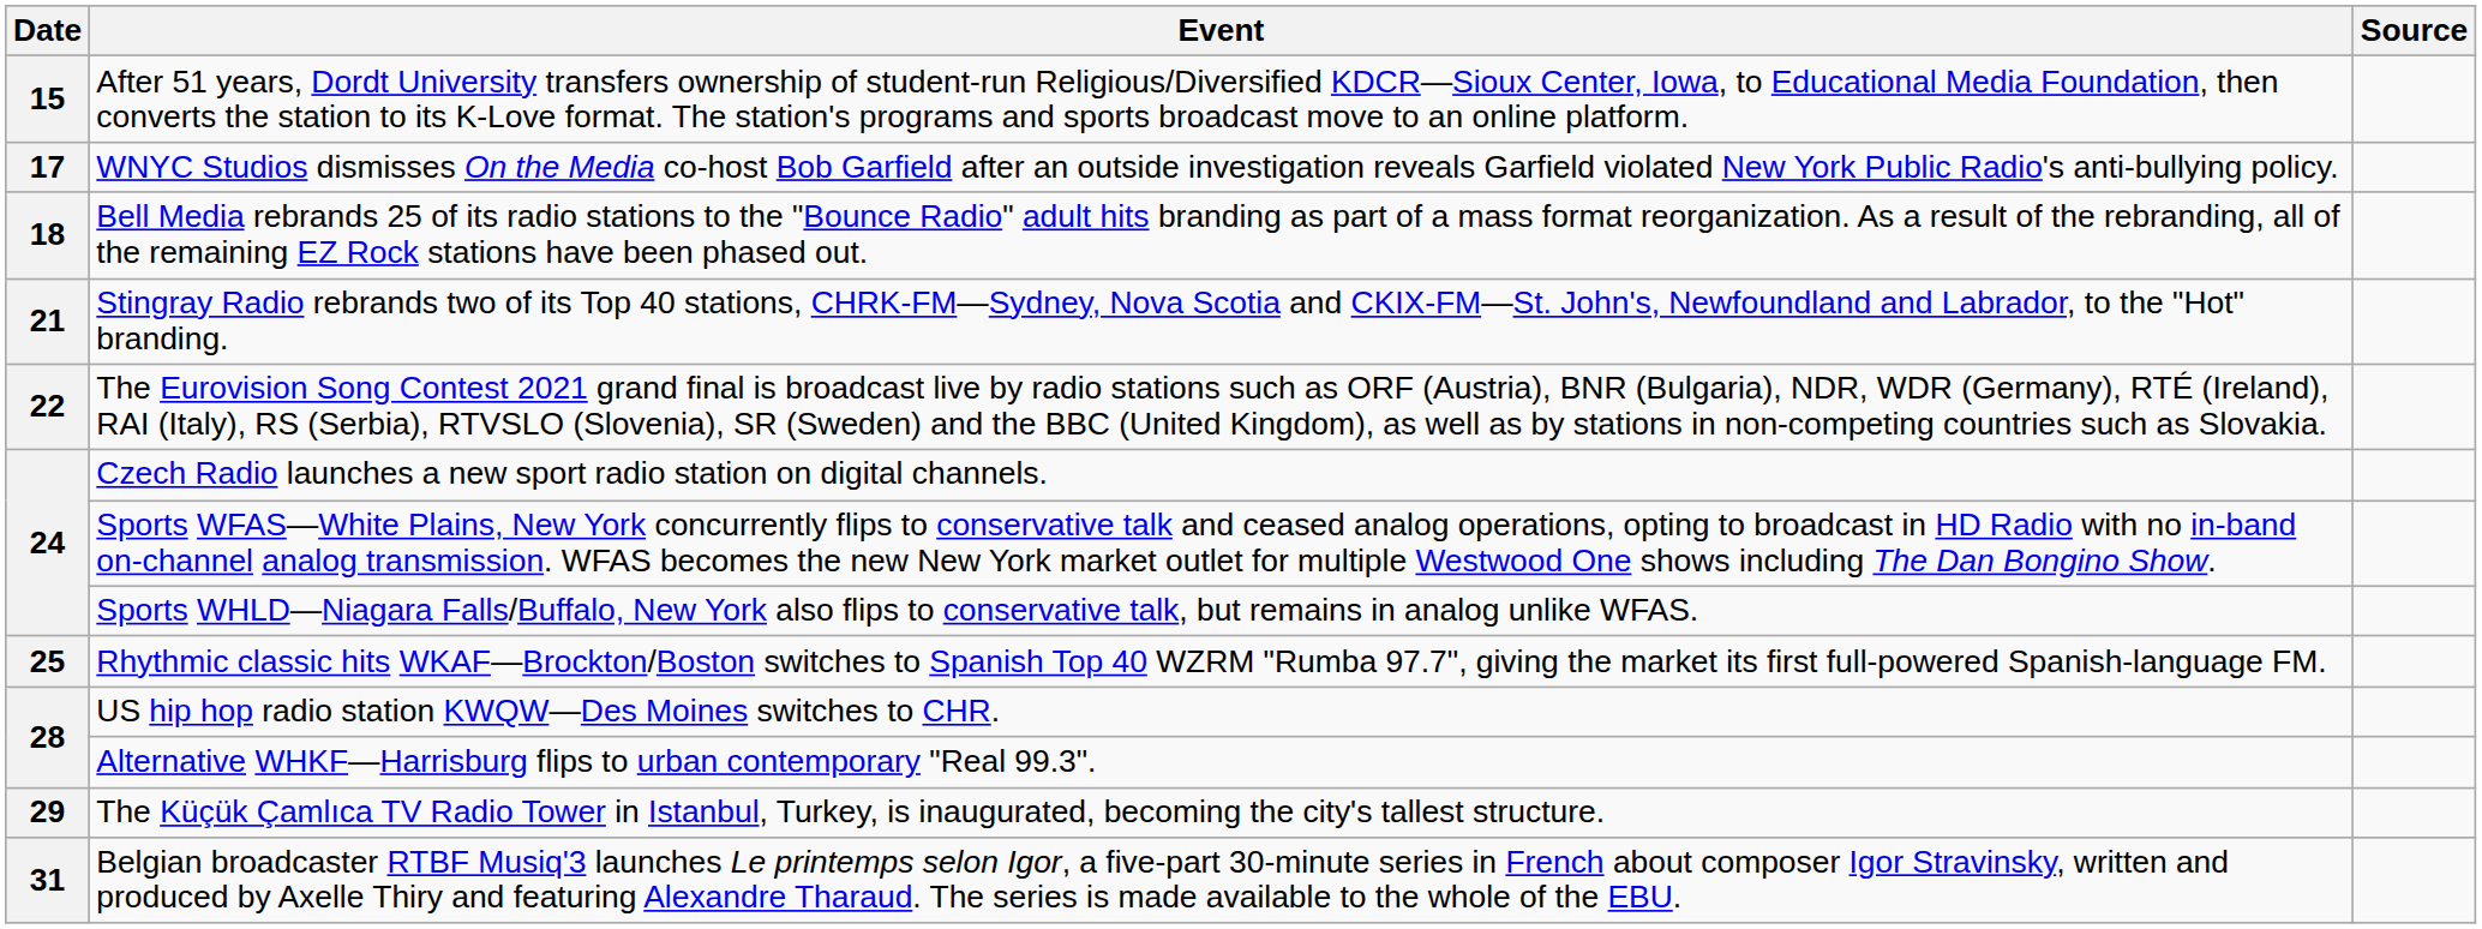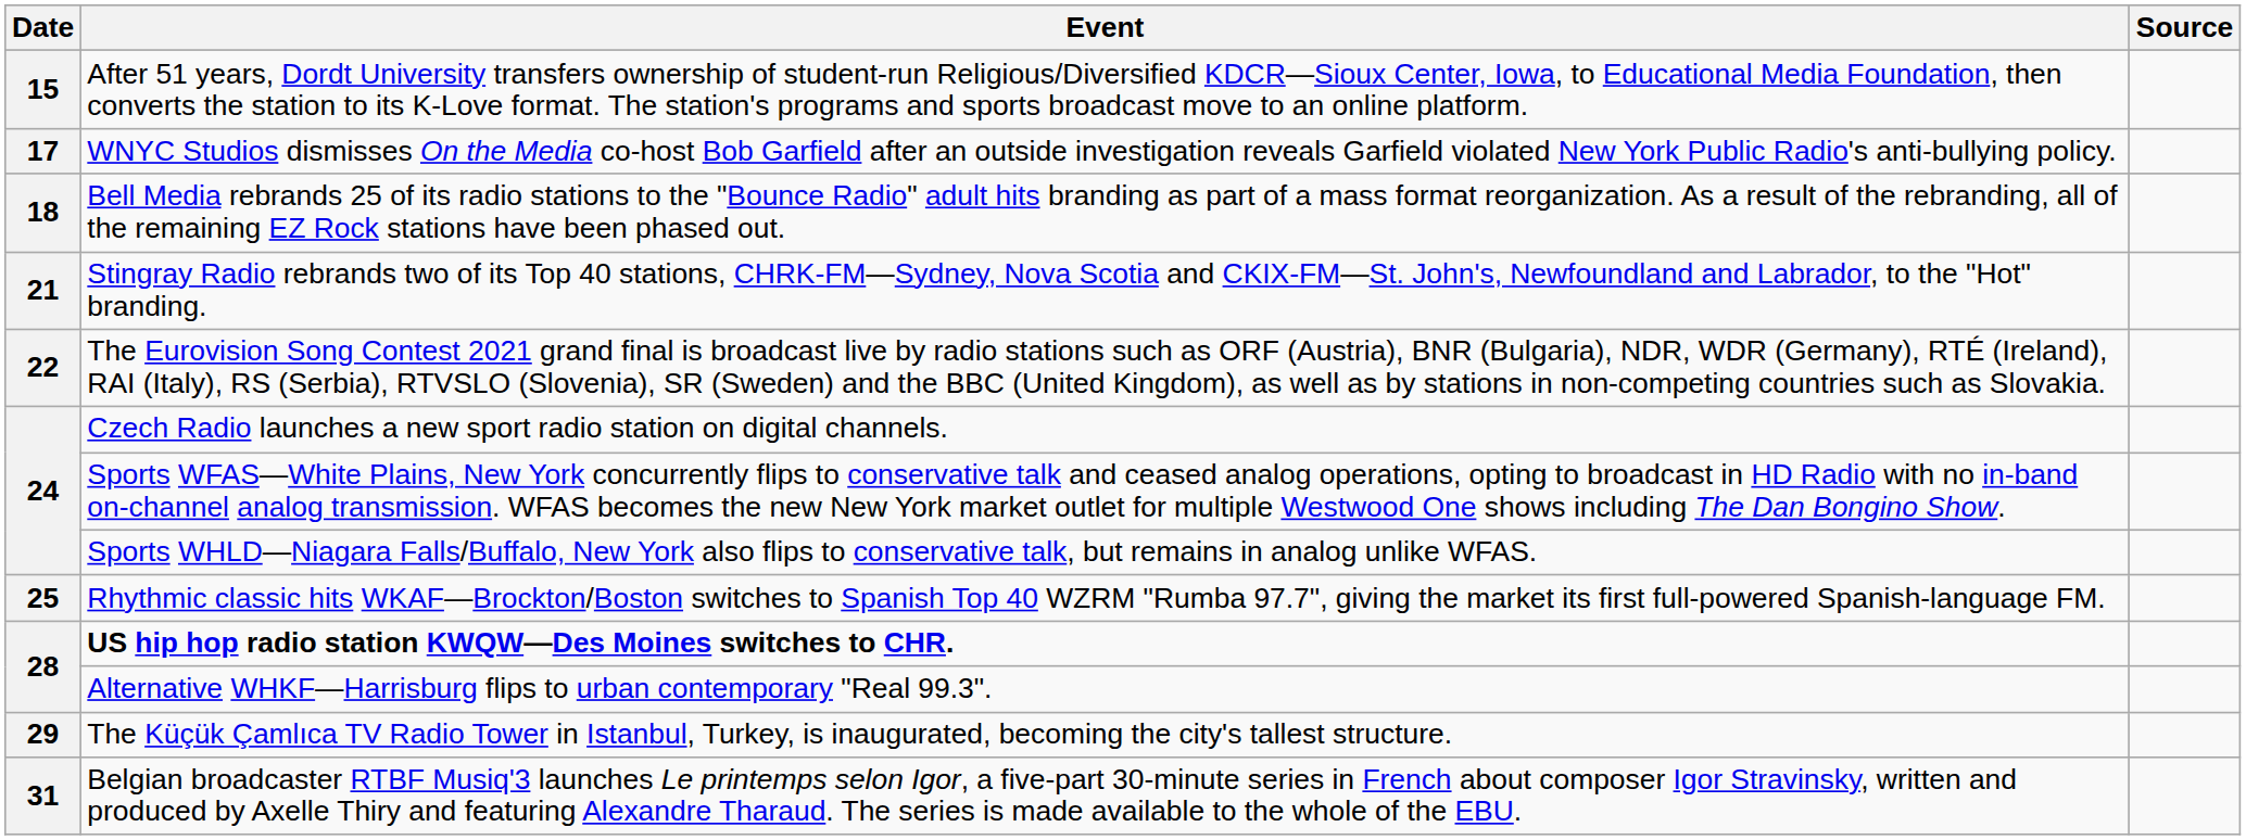 <table class=wikitable>
 <tr>
 <th>Date</th>
 <th>Event</th>
 <th>Source</th>
 </tr>
 <tr>
 <th>15</th>
 <td>After 51 years, <a href='#'>Dordt University</a> transfers ownership of student-run Religious/Diversified <a href='#'>KDCR</a>—<a href='#'>Sioux Center, Iowa</a>, to <a href='#'>Educational Media Foundation</a>, then converts the station to its K-Love format. The station's programs and sports broadcast move to an online platform.</td>
 <td></td>
 </tr>
 <tr>
 <th>17</th>
 <td><a href='#'>WNYC Studios</a> dismisses <em><a href='#'>On the Media</a></em> co-host <a href='#'>Bob Garfield</a> after an outside investigation reveals Garfield violated <a href='#'>New York Public Radio</a>'s anti-bullying policy.</td>
 <td></td>
 </tr>
 <tr>
 <th>18</th>
 <td><a href='#'>Bell Media</a> rebrands 25 of its radio stations to the "<a href='#'>Bounce Radio</a>" <a href='#'>adult hits</a> branding as part of a mass format reorganization. As a result of the rebranding, all of the remaining <a href='#'>EZ Rock</a> stations have been phased out.</td>
 <td></td>
 </tr>
 <tr>
 <th>21</th>
 <td><a href='#'>Stingray Radio</a> rebrands two of its Top 40 stations, <a href='#'>CHRK-FM</a>—<a href='#'>Sydney, Nova Scotia</a> and <a href='#'>CKIX-FM</a>—<a href='#'>St. John's, Newfoundland and Labrador</a>, to the "Hot" branding.</td>
 <td></td>
 </tr>
 <tr>
 <th>22</th>
 <td>The <a href='#'>Eurovision Song Contest 2021</a> grand final is broadcast live by radio stations such as ORF (Austria), BNR (Bulgaria), NDR, WDR (Germany), RTÉ (Ireland), RAI (Italy), RS (Serbia), RTVSLO (Slovenia), SR (Sweden) and the BBC (United Kingdom), as well as by stations in non-competing countries such as Slovakia.</td>
 <td></td>
 </tr>
 <tr>
 <th rowspan="3">24</th>
 <td><a href='#'>Czech Radio</a> launches a new sport radio station on digital channels.</td>
 <td></td>
 </tr>
 <tr>
 <td><a href='#'>Sports</a> <a href='#'>WFAS</a>—<a href='#'>White Plains, New York</a> concurrently flips to <a href='#'>conservative talk</a> and ceased analog operations, opting to broadcast in <a href='#'>HD Radio</a> with no <a href='#'>in-band on-channel</a> <a href='#'>analog transmission</a>. WFAS becomes the new New York market outlet for multiple <a href='#'>Westwood One</a> shows including <em><a href='#'>The Dan Bongino Show</a></em>.</td>
 <td></td>
 </tr>
 <tr>
 <td><a href='#'>Sports</a> <a href='#'>WHLD</a>—<a href='#'>Niagara Falls</a>/<a href='#'>Buffalo, New York</a> also flips to <a href='#'>conservative talk</a>, but remains in analog unlike WFAS.</td>
 <td></td>
 </tr>
 <tr>
 <th>25</th>
 <td><a href='#'>Rhythmic classic hits</a> <a href='#'>WKAF</a>—<a href='#'>Brockton</a>/<a href='#'>Boston</a> switches to <a href='#'>Spanish Top 40</a> WZRM "Rumba 97.7", giving the market its first full-powered Spanish-language FM.</td>
 <td></td>
 </tr>
 <tr>
 <th rowspan="2">28</th>
-<td>US <a href='#'>hip hop</a> radio station <a href='#'>KWQW</a>—<a href='#'>Des Moines</a> switches to <a href='#'>CHR</a>.</td>
+<td><strong>US <a href='#'>hip hop</a> radio station <a href='#'>KWQW</a>—<a href='#'>Des Moines</a> switches to <a href='#'>CHR</a>.</strong></td>
 <td></td>
 </tr>
 <tr>
 <td><a href='#'>Alternative</a> <a href='#'>WHKF</a>—<a href='#'>Harrisburg</a> flips to <a href='#'>urban contemporary</a> "Real 99.3".</td>
 <td></td>
 </tr>
 <tr>
 <th rowspan="1">29</th>
 <td>The <a href='#'>Küçük Çamlıca TV Radio Tower</a> in <a href='#'>Istanbul</a>, Turkey, is inaugurated, becoming the city's tallest structure.</td>
 <td></td>
 </tr>
 <tr>
 <th rowspan="2">31</th>
 <td>Belgian broadcaster <a href='#'>RTBF Musiq'3</a> launches <em>Le printemps selon Igor</em>, a five-part 30-minute series in <a href='#'>French</a> about composer <a href='#'>Igor Stravinsky</a>, written and produced by Axelle Thiry and featuring <a href='#'>Alexandre Tharaud</a>. The series is made available to the whole of the <a href='#'>EBU</a>.</td>
 <td></td>
 </tr>
 </table>
